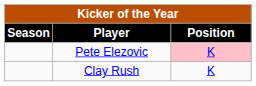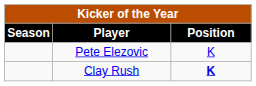 <table class="wikitable sortable" style="text-align:center">
 <tr>
 <td colspan="4" style="background:#BA4D00; color:white;"><strong>Kicker of the Year</strong></td>
 </tr>
 <tr>
 <th style="width:50px; background:black; color:white;">Season</th>
 <th style="width:150px; background:black; color:white;">Player</th>
 <th style="width:100px; background:black; color:white;">Position</th>
 </tr>
 <tr>
 <td></td>
 <td><a href='#'>Pete Elezovic</a></td>
-<td style="background: pink;"><a href='#'>K</a></td>
+<td><a href='#'>K</a></td>
 </tr>
 <tr>
 <td></td>
 <td><a href='#'>Clay Rush</a></td>
-<td><a href='#'>K</a></td>
+<td><strong><a href='#'>K</a></strong></td>
 </tr>
 </table>
